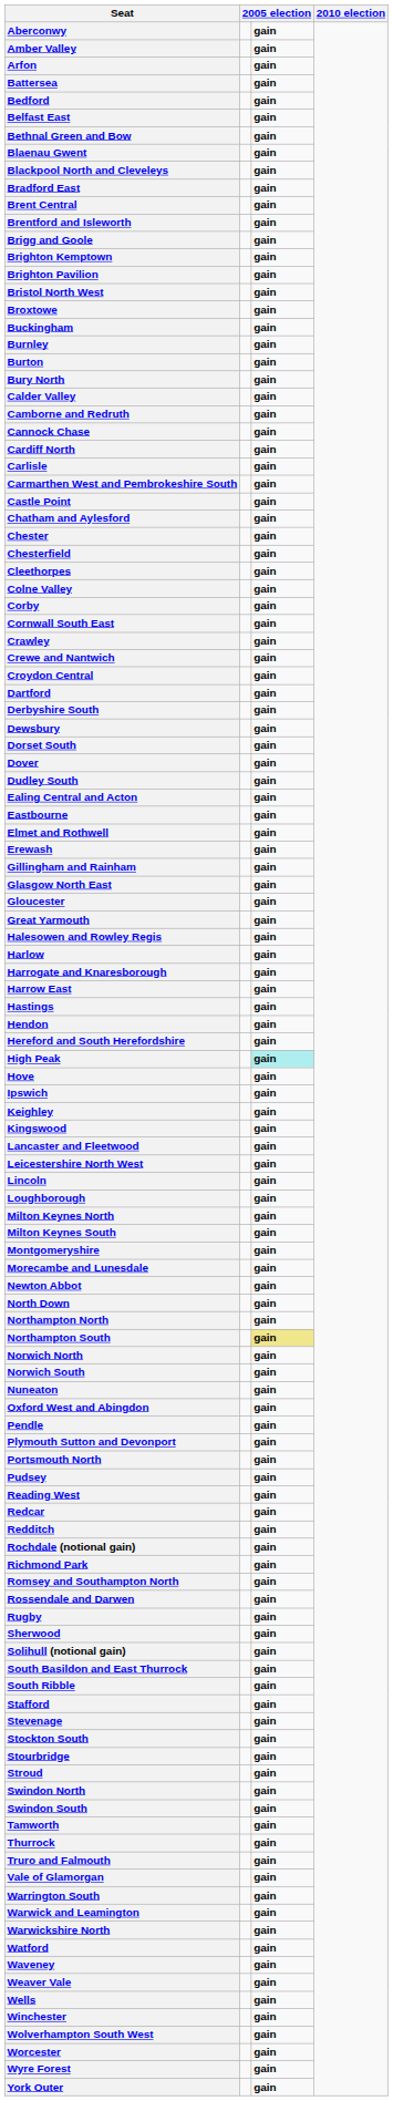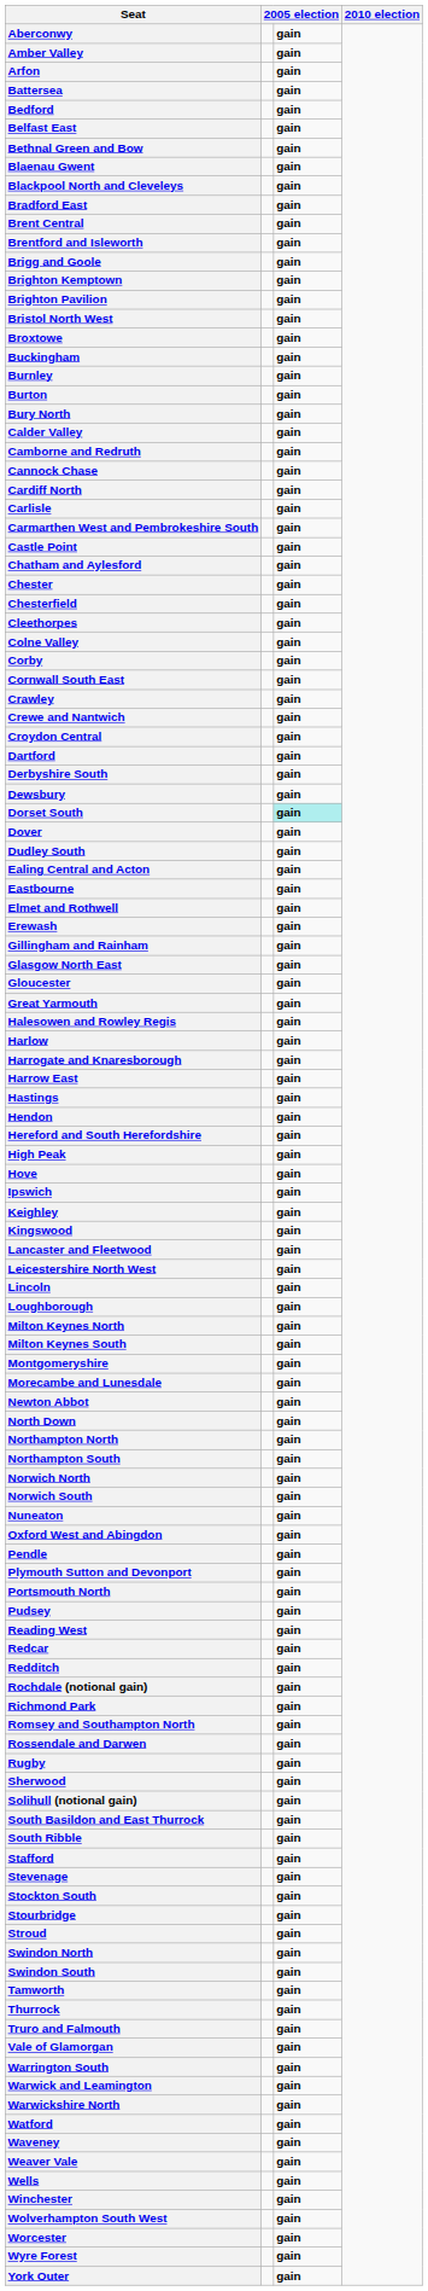 <table class="wikitable sortable">
 <tr>
 <th scope="col">Seat</th>
 <th colspan=2><a href='#'>2005 election</a></th>
 <th colspan=2><a href='#'>2010 election</a></th>
 </tr>
 <tr>
 <th scope="row" style="text-align: left;"><a href='#'>Aberconwy</a></th>
 <td></td>
 <td> <strong>gain</strong></td>
 </tr>
 <tr>
 <th scope="row" style="text-align: left;"><a href='#'>Amber Valley</a></th>
 <td></td>
 <td> <strong>gain</strong></td>
 </tr>
 <tr>
 <th scope="row" style="text-align: left;"><a href='#'>Arfon</a></th>
 <td></td>
 <td> <strong>gain</strong></td>
 </tr>
 <tr>
 <th scope="row" style="text-align: left;"><a href='#'>Battersea</a></th>
 <td></td>
 <td> <strong>gain</strong></td>
 </tr>
 <tr>
 <th scope="row" style="text-align: left;"><a href='#'>Bedford</a></th>
 <td></td>
 <td> <strong>gain</strong></td>
 </tr>
 <tr>
 <th scope="row" style="text-align: left;"><a href='#'>Belfast East</a></th>
 <td></td>
 <td> <strong>gain</strong></td>
 </tr>
 <tr>
 <th scope="row" style="text-align: left;"><a href='#'>Bethnal Green and Bow</a></th>
 <td></td>
 <td> <strong>gain</strong></td>
 </tr>
 <tr>
 <th scope="row" style="text-align: left;"><a href='#'>Blaenau Gwent</a></th>
 <td></td>
 <td> <strong>gain</strong></td>
 </tr>
 <tr>
 <th scope="row" style="text-align: left;"><a href='#'>Blackpool North and Cleveleys</a></th>
 <td></td>
 <td> <strong>gain</strong></td>
 </tr>
 <tr>
 <th scope="row" style="text-align: left;"><a href='#'>Bradford East</a></th>
 <td></td>
 <td> <strong>gain</strong></td>
 </tr>
 <tr>
 <th scope="row" style="text-align: left;"><a href='#'>Brent Central</a></th>
 <td></td>
 <td> <strong>gain</strong></td>
 </tr>
 <tr>
 <th scope="row" style="text-align: left;"><a href='#'>Brentford and Isleworth</a></th>
 <td></td>
 <td> <strong>gain</strong></td>
 </tr>
 <tr>
 <th scope="row" style="text-align: left;"><a href='#'>Brigg and Goole</a></th>
 <td></td>
 <td> <strong>gain</strong></td>
 </tr>
 <tr>
 <th scope="row" style="text-align: left;"><a href='#'>Brighton Kemptown</a></th>
 <td></td>
 <td> <strong>gain</strong></td>
 </tr>
 <tr>
 <th scope="row" style="text-align: left;"><a href='#'>Brighton Pavilion</a></th>
 <td></td>
 <td> <strong>gain</strong></td>
 </tr>
 <tr>
 <th scope="row" style="text-align: left;"><a href='#'>Bristol North West</a></th>
 <td></td>
 <td> <strong>gain</strong></td>
 </tr>
 <tr>
 <th scope="row" style="text-align: left;"><a href='#'>Broxtowe</a></th>
 <td></td>
 <td> <strong>gain</strong></td>
 </tr>
 <tr>
 <th scope="row" style="text-align: left;"><a href='#'>Buckingham</a></th>
 <td></td>
 <td> <strong>gain</strong></td>
 </tr>
 <tr>
 <th scope="row" style="text-align: left;"><a href='#'>Burnley</a></th>
 <td></td>
 <td> <strong>gain</strong></td>
 </tr>
 <tr>
 <th scope="row" style="text-align: left;"><a href='#'>Burton</a></th>
 <td></td>
 <td> <strong>gain</strong></td>
 </tr>
 <tr>
 <th scope="row" style="text-align: left;"><a href='#'>Bury North</a></th>
 <td></td>
 <td> <strong>gain</strong></td>
 </tr>
 <tr>
 <th scope="row" style="text-align: left;"><a href='#'>Calder Valley</a></th>
 <td></td>
 <td> <strong>gain</strong></td>
 </tr>
 <tr>
 <th scope="row" style="text-align: left;"><a href='#'>Camborne and Redruth</a></th>
 <td></td>
 <td> <strong>gain</strong></td>
 </tr>
 <tr>
 <th scope="row" style="text-align: left;"><a href='#'>Cannock Chase</a></th>
 <td></td>
 <td> <strong>gain</strong></td>
 </tr>
 <tr>
 <th scope="row" style="text-align: left;"><a href='#'>Cardiff North</a></th>
 <td></td>
 <td> <strong>gain</strong></td>
 </tr>
 <tr>
 <th scope="row" style="text-align: left;"><a href='#'>Carlisle</a></th>
 <td></td>
 <td> <strong>gain</strong></td>
 </tr>
 <tr>
 <th scope="row" style="text-align: left;"><a href='#'>Carmarthen West and Pembrokeshire South</a></th>
 <td></td>
 <td> <strong>gain</strong></td>
 </tr>
 <tr>
 <th scope="row" style="text-align: left;"><a href='#'>Castle Point</a></th>
 <td></td>
 <td> <strong>gain</strong></td>
 </tr>
 <tr>
 <th scope="row" style="text-align: left;"><a href='#'>Chatham and Aylesford</a></th>
 <td></td>
 <td> <strong>gain</strong></td>
 </tr>
 <tr>
 <th scope="row" style="text-align: left;"><a href='#'>Chester</a></th>
 <td></td>
 <td> <strong>gain</strong></td>
 </tr>
 <tr>
 <th scope="row" style="text-align: left;"><a href='#'>Chesterfield</a></th>
 <td></td>
 <td> <strong>gain</strong></td>
 </tr>
 <tr>
 <th scope="row" style="text-align: left;"><a href='#'>Cleethorpes</a></th>
 <td></td>
 <td> <strong>gain</strong></td>
 </tr>
 <tr>
 <th scope="row" style="text-align: left;"><a href='#'>Colne Valley</a></th>
 <td></td>
 <td> <strong>gain</strong></td>
 </tr>
 <tr>
 <th scope="row" style="text-align: left;"><a href='#'>Corby</a></th>
 <td></td>
 <td> <strong>gain</strong></td>
 </tr>
 <tr>
 <th scope="row" style="text-align: left;"><a href='#'>Cornwall South East</a></th>
 <td></td>
 <td> <strong>gain</strong></td>
 </tr>
 <tr>
 <th scope="row" style="text-align: left;"><a href='#'>Crawley</a></th>
 <td></td>
 <td> <strong>gain</strong></td>
 </tr>
 <tr>
 <th scope="row" style="text-align: left;"><a href='#'>Crewe and Nantwich</a></th>
 <td></td>
 <td> <strong>gain</strong></td>
 </tr>
 <tr>
 <th scope="row" style="text-align: left;"><a href='#'>Croydon Central</a></th>
 <td></td>
 <td> <strong>gain</strong></td>
 </tr>
 <tr>
 <th scope="row" style="text-align: left;"><a href='#'>Dartford</a></th>
 <td></td>
 <td> <strong>gain</strong></td>
 </tr>
 <tr>
 <th scope="row" style="text-align: left;"><a href='#'>Derbyshire South</a></th>
 <td></td>
 <td> <strong>gain</strong></td>
 </tr>
 <tr>
 <th scope="row" style="text-align: left;"><a href='#'>Dewsbury</a></th>
 <td></td>
 <td> <strong>gain</strong></td>
 </tr>
 <tr>
 <th scope="row" style="text-align: left;"><a href='#'>Dorset South</a></th>
 <td></td>
-<td> <strong>gain</strong></td>
+<td style="background: paleturquoise;"> <strong>gain</strong></td>
 </tr>
 <tr>
 <th scope="row" style="text-align: left;"><a href='#'>Dover</a></th>
 <td></td>
 <td> <strong>gain</strong></td>
 </tr>
 <tr>
 <th scope="row" style="text-align: left;"><a href='#'>Dudley South</a></th>
 <td></td>
 <td> <strong>gain</strong></td>
 </tr>
 <tr>
 <th scope="row" style="text-align: left;"><a href='#'>Ealing Central and Acton</a></th>
 <td></td>
 <td> <strong>gain</strong></td>
 </tr>
 <tr>
 <th scope="row" style="text-align: left;"><a href='#'>Eastbourne</a></th>
 <td></td>
 <td> <strong>gain</strong></td>
 </tr>
 <tr>
 <th scope="row" style="text-align: left;"><a href='#'>Elmet and Rothwell</a></th>
 <td></td>
 <td> <strong>gain</strong></td>
 </tr>
 <tr>
 <th scope="row" style="text-align: left;"><a href='#'>Erewash</a></th>
 <td></td>
 <td> <strong>gain</strong></td>
 </tr>
 <tr>
 <th scope="row" style="text-align: left;"><a href='#'>Gillingham and Rainham</a></th>
 <td></td>
 <td> <strong>gain</strong></td>
 </tr>
 <tr>
 <th scope="row" style="text-align: left;"><a href='#'>Glasgow North East</a></th>
 <td></td>
 <td> <strong>gain</strong></td>
 </tr>
 <tr>
 <th scope="row" style="text-align: left;"><a href='#'>Gloucester</a></th>
 <td></td>
 <td> <strong>gain</strong></td>
 </tr>
 <tr>
 <th scope="row" style="text-align: left;"><a href='#'>Great Yarmouth</a></th>
 <td></td>
 <td> <strong>gain</strong></td>
 </tr>
 <tr>
 <th scope="row" style="text-align: left;"><a href='#'>Halesowen and Rowley Regis</a></th>
 <td></td>
 <td> <strong>gain</strong></td>
 </tr>
 <tr>
 <th scope="row" style="text-align: left;"><a href='#'>Harlow</a></th>
 <td></td>
 <td> <strong>gain</strong></td>
 </tr>
 <tr>
 <th scope="row" style="text-align: left;"><a href='#'>Harrogate and Knaresborough</a></th>
 <td></td>
 <td> <strong>gain</strong></td>
 </tr>
 <tr>
 <th scope="row" style="text-align: left;"><a href='#'>Harrow East</a></th>
 <td></td>
 <td> <strong>gain</strong></td>
 </tr>
 <tr>
 <th scope="row" style="text-align: left;"><a href='#'>Hastings</a></th>
 <td></td>
 <td> <strong>gain</strong></td>
 </tr>
 <tr>
 <th scope="row" style="text-align: left;"><a href='#'>Hendon</a></th>
 <td></td>
 <td> <strong>gain</strong></td>
 </tr>
 <tr>
 <th scope="row" style="text-align: left;"><a href='#'>Hereford and South Herefordshire</a></th>
 <td></td>
 <td> <strong>gain</strong></td>
 </tr>
 <tr>
 <th scope="row" style="text-align: left;"><a href='#'>High Peak</a></th>
 <td></td>
-<td style="background: paleturquoise;"> <strong>gain</strong></td>
+<td> <strong>gain</strong></td>
 </tr>
 <tr>
 <th scope="row" style="text-align: left;"><a href='#'>Hove</a></th>
 <td></td>
 <td> <strong>gain</strong></td>
 </tr>
 <tr>
 <th scope="row" style="text-align: left;"><a href='#'>Ipswich</a></th>
 <td></td>
 <td> <strong>gain</strong></td>
 </tr>
 <tr>
 <th scope="row" style="text-align: left;"><a href='#'>Keighley</a></th>
 <td></td>
 <td> <strong>gain</strong></td>
 </tr>
 <tr>
 <th scope="row" style="text-align: left;"><a href='#'>Kingswood</a></th>
 <td></td>
 <td> <strong>gain</strong></td>
 </tr>
 <tr>
 <th scope="row" style="text-align: left;"><a href='#'>Lancaster and Fleetwood</a></th>
 <td></td>
 <td> <strong>gain</strong></td>
 </tr>
 <tr>
 <th scope="row" style="text-align: left;"><a href='#'>Leicestershire North West</a></th>
 <td></td>
 <td> <strong>gain</strong></td>
 </tr>
 <tr>
 <th scope="row" style="text-align: left;"><a href='#'>Lincoln</a></th>
 <td></td>
 <td> <strong>gain</strong></td>
 </tr>
 <tr>
 <th scope="row" style="text-align: left;"><a href='#'>Loughborough</a></th>
 <td></td>
 <td> <strong>gain</strong></td>
 </tr>
 <tr>
 <th scope="row" style="text-align: left;"><a href='#'>Milton Keynes North</a></th>
 <td></td>
 <td> <strong>gain</strong></td>
 </tr>
 <tr>
 <th scope="row" style="text-align: left;"><a href='#'>Milton Keynes South</a></th>
 <td></td>
 <td> <strong>gain</strong></td>
 </tr>
 <tr>
 <th scope="row" style="text-align: left;"><a href='#'>Montgomeryshire</a></th>
 <td></td>
 <td> <strong>gain</strong></td>
 </tr>
 <tr>
 <th scope="row" style="text-align: left;"><a href='#'>Morecambe and Lunesdale</a></th>
 <td></td>
 <td> <strong>gain</strong></td>
 </tr>
 <tr>
 <th scope="row" style="text-align: left;"><a href='#'>Newton Abbot</a></th>
 <td></td>
 <td> <strong>gain</strong></td>
 </tr>
 <tr>
 <th scope="row" style="text-align: left;"><a href='#'>North Down</a></th>
 <td></td>
 <td> <strong>gain</strong></td>
 </tr>
 <tr>
 <th scope="row" style="text-align: left;"><a href='#'>Northampton North</a></th>
 <td></td>
 <td> <strong>gain</strong></td>
 </tr>
 <tr>
 <th scope="row" style="text-align: left;"><a href='#'>Northampton South</a></th>
 <td></td>
-<td style="background: khaki;"> <strong>gain</strong></td>
+<td> <strong>gain</strong></td>
 </tr>
 <tr>
 <th scope="row" style="text-align: left;"><a href='#'>Norwich North</a></th>
 <td></td>
 <td> <strong>gain</strong></td>
 </tr>
 <tr>
 <th scope="row" style="text-align: left;"><a href='#'>Norwich South</a></th>
 <td></td>
 <td> <strong>gain</strong></td>
 </tr>
 <tr>
 <th scope="row" style="text-align: left;"><a href='#'>Nuneaton</a></th>
 <td></td>
 <td> <strong>gain</strong></td>
 </tr>
 <tr>
 <th scope="row" style="text-align: left;"><a href='#'>Oxford West and Abingdon</a></th>
 <td></td>
 <td> <strong>gain</strong></td>
 </tr>
 <tr>
 <th scope="row" style="text-align: left;"><a href='#'>Pendle</a></th>
 <td></td>
 <td> <strong>gain</strong></td>
 </tr>
 <tr>
 <th scope="row" style="text-align: left;"><a href='#'>Plymouth Sutton and Devonport</a></th>
 <td></td>
 <td> <strong>gain</strong></td>
 </tr>
 <tr>
 <th scope="row" style="text-align: left;"><a href='#'>Portsmouth North</a></th>
 <td></td>
 <td> <strong>gain</strong></td>
 </tr>
 <tr>
 <th scope="row" style="text-align: left;"><a href='#'>Pudsey</a></th>
 <td></td>
 <td> <strong>gain</strong></td>
 </tr>
 <tr>
 <th scope="row" style="text-align: left;"><a href='#'>Reading West</a></th>
 <td></td>
 <td> <strong>gain</strong></td>
 </tr>
 <tr>
 <th scope="row" style="text-align: left;"><a href='#'>Redcar</a></th>
 <td></td>
 <td> <strong>gain</strong></td>
 </tr>
 <tr>
 <th scope="row" style="text-align: left;"><a href='#'>Redditch</a></th>
 <td></td>
 <td> <strong>gain</strong></td>
 </tr>
 <tr>
 <th scope="row" style="text-align: left;"><a href='#'>Rochdale</a> (notional gain)</th>
 <td></td>
 <td> <strong>gain</strong></td>
 </tr>
 <tr>
 <th scope="row" style="text-align: left;"><a href='#'>Richmond Park</a></th>
 <td></td>
 <td> <strong>gain</strong></td>
 </tr>
 <tr>
 <th scope="row" style="text-align: left;"><a href='#'>Romsey and Southampton North</a></th>
 <td></td>
 <td> <strong>gain</strong></td>
 </tr>
 <tr>
 <th scope="row" style="text-align: left;"><a href='#'>Rossendale and Darwen</a></th>
 <td></td>
 <td> <strong>gain</strong></td>
 </tr>
 <tr>
 <th scope="row" style="text-align: left;"><a href='#'>Rugby</a></th>
 <td></td>
 <td> <strong>gain</strong></td>
 </tr>
 <tr>
 <th scope="row" style="text-align: left;"><a href='#'>Sherwood</a></th>
 <td></td>
 <td> <strong>gain</strong></td>
 </tr>
 <tr>
 <th scope="row" style="text-align: left;"><a href='#'>Solihull</a> (notional gain)</th>
 <td></td>
 <td> <strong>gain</strong></td>
 </tr>
 <tr>
 <th scope="row" style="text-align: left;"><a href='#'>South Basildon and East Thurrock</a></th>
 <td></td>
 <td> <strong>gain</strong></td>
 </tr>
 <tr>
 <th scope="row" style="text-align: left;"><a href='#'>South Ribble</a></th>
 <td></td>
 <td> <strong>gain</strong></td>
 </tr>
 <tr>
 <th scope="row" style="text-align: left;"><a href='#'>Stafford</a></th>
 <td></td>
 <td> <strong>gain</strong></td>
 </tr>
 <tr>
 <th scope="row" style="text-align: left;"><a href='#'>Stevenage</a></th>
 <td></td>
 <td> <strong>gain</strong></td>
 </tr>
 <tr>
 <th scope="row" style="text-align: left;"><a href='#'>Stockton South</a></th>
 <td></td>
 <td> <strong>gain</strong></td>
 </tr>
 <tr>
 <th scope="row" style="text-align: left;"><a href='#'>Stourbridge</a></th>
 <td></td>
 <td> <strong>gain</strong></td>
 </tr>
 <tr>
 <th scope="row" style="text-align: left;"><a href='#'>Stroud</a></th>
 <td></td>
 <td> <strong>gain</strong></td>
 </tr>
 <tr>
 <th scope="row" style="text-align: left;"><a href='#'>Swindon North</a></th>
 <td></td>
 <td> <strong>gain</strong></td>
 </tr>
 <tr>
 <th scope="row" style="text-align: left;"><a href='#'>Swindon South</a></th>
 <td></td>
 <td> <strong>gain</strong></td>
 </tr>
 <tr>
 <th scope="row" style="text-align: left;"><a href='#'>Tamworth</a></th>
 <td></td>
 <td> <strong>gain</strong></td>
 </tr>
 <tr>
 <th scope="row" style="text-align: left;"><a href='#'>Thurrock</a></th>
 <td></td>
 <td> <strong>gain</strong></td>
 </tr>
 <tr>
 <th scope="row" style="text-align: left;"><a href='#'>Truro and Falmouth</a></th>
 <td></td>
 <td> <strong>gain</strong></td>
 </tr>
 <tr>
 <th scope="row" style="text-align: left;"><a href='#'>Vale of Glamorgan</a></th>
 <td></td>
 <td> <strong>gain</strong></td>
 </tr>
 <tr>
 <th scope="row" style="text-align: left;"><a href='#'>Warrington South</a></th>
 <td></td>
 <td> <strong>gain</strong></td>
 </tr>
 <tr>
 <th scope="row" style="text-align: left;"><a href='#'>Warwick and Leamington</a></th>
 <td></td>
 <td> <strong>gain</strong></td>
 </tr>
 <tr>
 <th scope="row" style="text-align: left;"><a href='#'>Warwickshire North</a></th>
 <td></td>
 <td> <strong>gain</strong></td>
 </tr>
 <tr>
 <th scope="row" style="text-align: left;"><a href='#'>Watford</a></th>
 <td></td>
 <td> <strong>gain</strong></td>
 </tr>
 <tr>
 <th scope="row" style="text-align: left;"><a href='#'>Waveney</a></th>
 <td></td>
 <td> <strong>gain</strong></td>
 </tr>
 <tr>
 <th scope="row" style="text-align: left;"><a href='#'>Weaver Vale</a></th>
 <td></td>
 <td> <strong>gain</strong></td>
 </tr>
 <tr>
 <th scope="row" style="text-align: left;"><a href='#'>Wells</a></th>
 <td></td>
 <td> <strong>gain</strong></td>
 </tr>
 <tr>
 <th scope="row" style="text-align: left;"><a href='#'>Winchester</a></th>
 <td></td>
 <td> <strong>gain</strong></td>
 </tr>
 <tr>
 <th scope="row" style="text-align: left;"><a href='#'>Wolverhampton South West</a></th>
 <td></td>
 <td> <strong>gain</strong></td>
 </tr>
 <tr>
 <th scope="row" style="text-align: left;"><a href='#'>Worcester</a></th>
 <td></td>
 <td> <strong>gain</strong></td>
 </tr>
 <tr>
 <th scope="row" style="text-align: left;"><a href='#'>Wyre Forest</a></th>
 <td></td>
 <td> <strong>gain</strong></td>
 </tr>
 <tr>
 <th scope="row" style="text-align: left;"><a href='#'>York Outer</a></th>
 <td></td>
 <td> <strong>gain</strong></td>
 </tr>
 </table>
